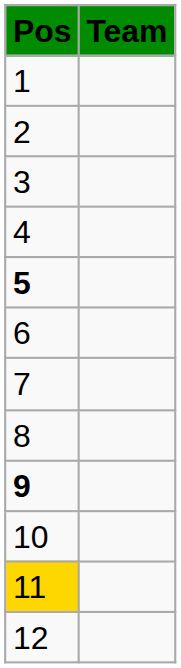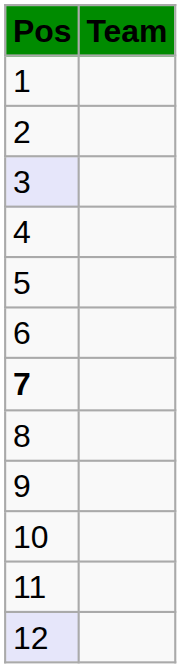 <table class="wikitable" style="margin:0.5em auto; font-size:95%">
 <tr bgcolor="#008B00">
 <td><strong>Pos</strong></td>
 <td><strong>Team</strong></td>
 </tr>
 <tr>
 <td>1</td>
 <td></td>
 </tr>
 <tr>
 <td>2</td>
 <td></td>
 </tr>
 <tr>
-<td>3</td>
+<td style="background: lavender;">3</td>
 <td></td>
 </tr>
 <tr>
 <td>4</td>
 <td></td>
 </tr>
 <tr>
-<td><strong>5</strong></td>
+<td>5</td>
 <td></td>
 </tr>
 <tr>
 <td>6</td>
 <td></td>
 </tr>
 <tr>
-<td>7</td>
+<td><strong>7</strong></td>
 <td></td>
 </tr>
 <tr>
 <td>8</td>
 <td></td>
 </tr>
 <tr>
-<td><strong>9</strong></td>
+<td>9</td>
 <td></td>
 </tr>
 <tr>
 <td>10</td>
 <td></td>
 </tr>
 <tr>
-<td style="background: gold;">11</td>
+<td>11</td>
 <td></td>
 </tr>
 <tr>
-<td>12</td>
+<td style="background: lavender;">12</td>
 <td></td>
 </tr>
 </table>
